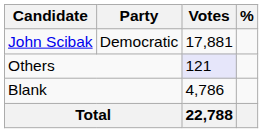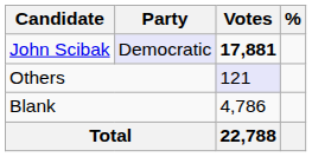 <table class="wikitable">
 <tr>
 <th>Candidate</th>
 <th>Party</th>
 <th>Votes</th>
 <th>%</th>
 </tr>
 <tr>
 <td><a href='#'>John Scibak</a></td>
-<td>Democratic</td>
-<td>17,881</td>
+<td style="background: lavender;">Democratic</td>
+<td><strong>17,881</strong></td>
 <td></td>
 </tr>
 <tr>
 <td colspan = 2>Others</td>
 <td style="background: lavender;">121</td>
 <td></td>
 </tr>
 <tr>
 <td colspan = 2>Blank</td>
 <td>4,786</td>
 <td></td>
 </tr>
 <tr>
 <th colspan = 2>Total</th>
 <th>22,788</th>
 <th></th>
 </tr>
 </table>
